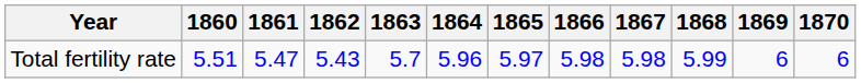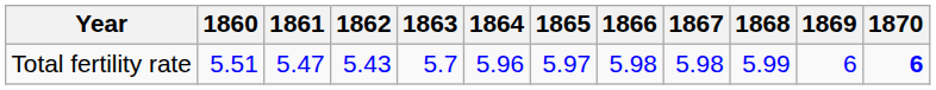 <table class="wikitable " style="text-align:right">
 <tr>
 <th>Year</th>
 <th>1860</th>
 <th>1861</th>
 <th>1862</th>
 <th>1863</th>
 <th>1864</th>
 <th>1865</th>
 <th>1866</th>
 <th>1867</th>
 <th>1868</th>
 <th>1869</th>
 <th>1870</th>
 </tr>
 <tr>
 <td align="left">Total fertility rate</td>
 <td style="text-align:right; color:blue;">5.51</td>
 <td style="text-align:right; color:blue;">5.47</td>
 <td style="text-align:right; color:blue;">5.43</td>
 <td style="text-align:right; color:blue;">5.7</td>
 <td style="text-align:right; color:blue;">5.96</td>
 <td style="text-align:right; color:blue;">5.97</td>
 <td style="text-align:right; color:blue;">5.98</td>
 <td style="text-align:right; color:blue;">5.98</td>
 <td style="text-align:right; color:blue;">5.99</td>
 <td style="text-align:right; color:blue;">6</td>
-<td style="text-align:right; color:blue;">6</td>
+<td style="text-align:right; color:blue;"><strong>6</strong></td>
 </tr>
 </table>
